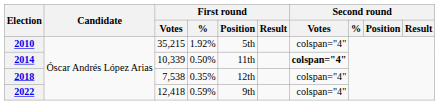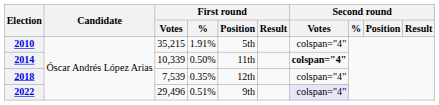 <table class=wikitable style="text-align: right;">
 <tr>
 <th rowspan=2>Election</th>
 <th rowspan=2>Candidate</th>
 <th colspan=4>First round</th>
 <th colspan=4>Second round</th>
 </tr>
 <tr>
 <th>Votes</th>
 <th>%</th>
 <th>Position</th>
 <th>Result</th>
 <th>Votes</th>
 <th>%</th>
 <th>Position</th>
 <th>Result</th>
 </tr>
 <tr>
 <th><a href='#'>2010</a></th>
 <td rowspan="4">Óscar Andrés López Arias</td>
 <td>35,215</td>
-<td>1.92%</td>
+<td>1.91%</td>
 <td>5th</td>
 <td></td>
 <td>colspan="4" </td>
 </tr>
 <tr>
 <th><a href='#'>2014</a></th>
 <td>10,339</td>
 <td>0.50%</td>
 <td> 11th</td>
 <td></td>
 <td><strong>colspan="4" </strong></td>
 </tr>
 <tr>
 <th><a href='#'>2018</a></th>
-<td>7,538</td>
+<td>7,539</td>
 <td>0.35%</td>
 <td> 12th</td>
 <td></td>
 <td>colspan="4" </td>
 </tr>
 <tr>
 <th><a href='#'>2022</a></th>
-<td>12,418</td>
-<td>0.59%</td>
+<td>29,496</td>
+<td>0.51%</td>
 <td> 9th</td>
 <td></td>
-<td>colspan="4" </td>
+<td style="background: lavender;">colspan="4" </td>
 </tr>
 </table>
